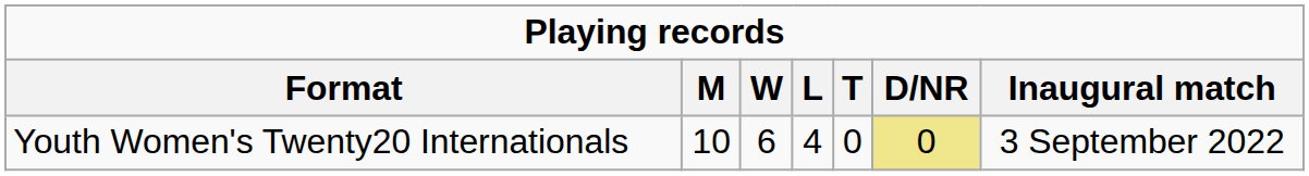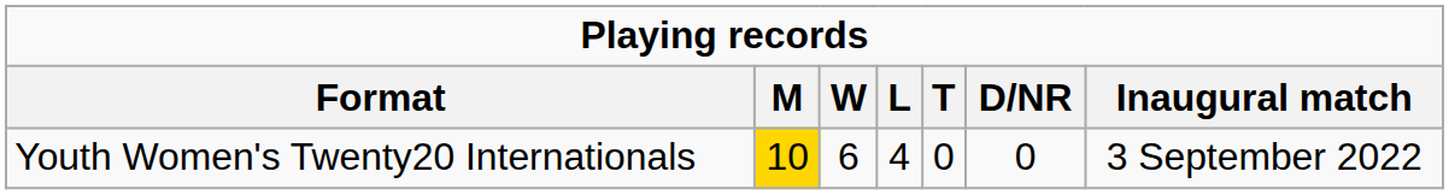 <table class="wikitable" style="text-align: center; width: 600px">
 <tr>
 <td colspan="8" align="center"><strong>Playing records</strong></td>
 </tr>
 <tr>
 <th>Format</th>
 <th>M</th>
 <th>W</th>
 <th>L</th>
 <th>T</th>
 <th>D/NR</th>
 <th>Inaugural match</th>
 </tr>
 <tr>
 <td align="left">Youth Women's Twenty20 Internationals</td>
-<td>10</td>
+<td style="background: gold;">10</td>
 <td>6</td>
 <td>4</td>
 <td>0</td>
-<td style="background: khaki;">0</td>
+<td>0</td>
 <td>3 September 2022</td>
 </tr>
 </table>
